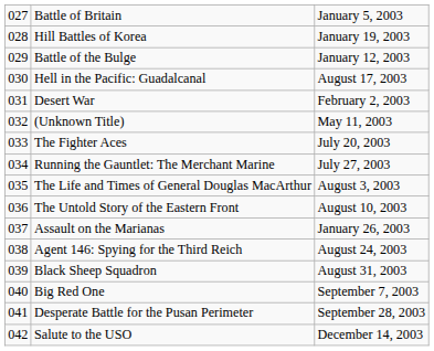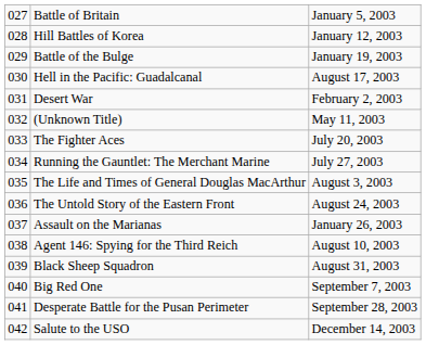 <table class="wikitable">
 <tr>
 <td>027</td>
 <td>Battle of Britain</td>
 <td>January 5, 2003</td>
 </tr>
 <tr>
 <td>028</td>
 <td>Hill Battles of Korea</td>
-<td>January 19, 2003</td>
+<td>January 12, 2003</td>
 </tr>
 <tr>
 <td>029</td>
 <td>Battle of the Bulge</td>
-<td>January 12, 2003</td>
+<td>January 19, 2003</td>
 </tr>
 <tr>
 <td>030</td>
 <td>Hell in the Pacific: Guadalcanal</td>
 <td>August 17, 2003</td>
 </tr>
 <tr>
 <td>031</td>
 <td>Desert War</td>
 <td>February 2, 2003</td>
 </tr>
 <tr>
 <td>032</td>
 <td>(Unknown Title)</td>
 <td>May 11, 2003</td>
 </tr>
 <tr>
 <td>033</td>
 <td>The Fighter Aces</td>
 <td>July 20, 2003</td>
 </tr>
 <tr>
 <td>034</td>
 <td>Running the Gauntlet: The Merchant Marine</td>
 <td>July 27, 2003</td>
 </tr>
 <tr>
 <td>035</td>
 <td>The Life and Times of General Douglas MacArthur</td>
 <td>August 3, 2003</td>
 </tr>
 <tr>
 <td>036</td>
 <td>The Untold Story of the Eastern Front</td>
-<td>August 10, 2003</td>
+<td>August 24, 2003</td>
 </tr>
 <tr>
 <td>037</td>
 <td>Assault on the Marianas</td>
 <td>January 26, 2003</td>
 </tr>
 <tr>
 <td>038</td>
 <td>Agent 146: Spying for the Third Reich</td>
-<td>August 24, 2003</td>
+<td>August 10, 2003</td>
 </tr>
 <tr>
 <td>039</td>
 <td>Black Sheep Squadron</td>
 <td>August 31, 2003</td>
 </tr>
 <tr>
 <td>040</td>
 <td>Big Red One</td>
 <td>September 7, 2003</td>
 </tr>
 <tr>
 <td>041</td>
 <td>Desperate Battle for the Pusan Perimeter</td>
 <td>September 28, 2003</td>
 </tr>
 <tr>
 <td>042</td>
 <td>Salute to the USO</td>
 <td>December 14, 2003</td>
 </tr>
 </table>
